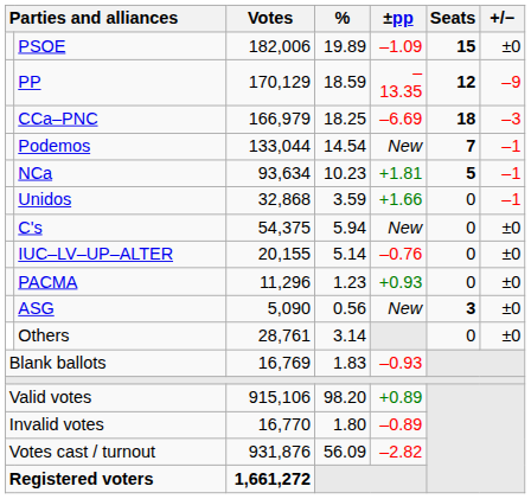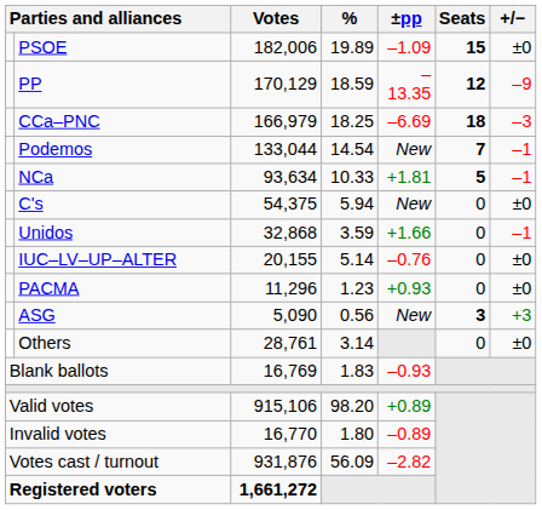 <table class="wikitable" style="text-align:right;">
 <tr>
 <th style="text-align:left;" colspan="2" width="200">Parties and alliances</th>
 <th width="75">Votes</th>
 <th width="45">%</th>
 <th width="45">±<a href='#'>pp</a></th>
 <th width="35">Seats</th>
 <th width="35">+/−</th>
 </tr>
 <tr>
 <td width="1" style="color:inherit;background:"></td>
 <td align="left"><a href='#'>PSOE</a></td>
 <td>182,006</td>
 <td>19.89</td>
 <td style="color:red;">–1.09</td>
 <td><strong>15</strong></td>
 <td>±0</td>
 </tr>
 <tr>
 <td style="color:inherit;background:"></td>
 <td align="left"><a href='#'>PP</a></td>
 <td>170,129</td>
 <td>18.59</td>
 <td style="color:red;">–13.35</td>
 <td><strong>12</strong></td>
 <td style="color:red;">–9</td>
 </tr>
 <tr>
 <td style="color:inherit;background:"></td>
 <td align="left"><a href='#'>CCa–PNC</a></td>
 <td>166,979</td>
 <td>18.25</td>
 <td style="color:red;">–6.69</td>
 <td><strong>18</strong></td>
 <td style="color:red;">–3</td>
 </tr>
 <tr>
 <td style="color:inherit;background:"></td>
 <td align="left"><a href='#'>Podemos</a></td>
 <td>133,044</td>
 <td>14.54</td>
 <td><em>New</em></td>
 <td><strong>7</strong></td>
 <td style="color:red;">–1</td>
 </tr>
 <tr>
 <td style="color:inherit;background:"></td>
 <td align="left"><a href='#'>NCa</a></td>
 <td>93,634</td>
-<td>10.23</td>
+<td>10.33</td>
 <td style="color:green;">+1.81</td>
 <td><strong>5</strong></td>
-<td style="color:red;">–1</td>
-</tr>
-<tr>
-<td style="color:inherit;background:"></td>
-<td align="left"><a href='#'>Unidos</a></td>
-<td>32,868</td>
-<td>3.59</td>
-<td style="color:green;">+1.66</td>
-<td>0</td>
 <td style="color:red;">–1</td>
 </tr>
 <tr>
 <td style="color:inherit;background:"></td>
 <td align="left"><a href='#'>C's</a></td>
 <td>54,375</td>
 <td>5.94</td>
 <td><em>New</em></td>
 <td>0</td>
 <td>±0</td>
+</tr>
+<tr>
+<td style="color:inherit;background:"></td>
+<td align="left"><a href='#'>Unidos</a></td>
+<td>32,868</td>
+<td>3.59</td>
+<td style="color:green;">+1.66</td>
+<td>0</td>
+<td style="color:red;">–1</td>
 </tr>
 <tr>
 <td style="color:inherit;background:"></td>
 <td align="left"><a href='#'>IUC–LV–UP–ALTER</a></td>
 <td>20,155</td>
 <td>5.14</td>
 <td style="color:red;">–0.76</td>
 <td>0</td>
 <td>±0</td>
 </tr>
 <tr>
 <td style="color:inherit;background:"></td>
 <td align="left"><a href='#'>PACMA</a></td>
 <td>11,296</td>
 <td>1.23</td>
 <td style="color:green;">+0.93</td>
 <td>0</td>
 <td>±0</td>
 </tr>
 <tr>
 <td style="color:inherit;background:"></td>
 <td align="left"><a href='#'>ASG</a></td>
 <td>5,090</td>
 <td>0.56</td>
 <td><em>New</em></td>
 <td><strong>3</strong></td>
-<td>±0</td>
+<td style="color:green;">+3</td>
 </tr>
 <tr>
 <td bgcolor="white"></td>
 <td align="left">Others</td>
 <td>28,761</td>
 <td>3.14</td>
 <td bgcolor="#E9E9E9"></td>
 <td>0</td>
 <td>±0</td>
 </tr>
 <tr>
 <td align="left" colspan="2">Blank ballots</td>
 <td>16,769</td>
 <td>1.83</td>
 <td style="color:red;">–0.93</td>
 <td bgcolor="#E9E9E9" colspan="2"></td>
 </tr>
 <tr>
 <td colspan="7" bgcolor="#E9E9E9"></td>
 </tr>
 <tr>
 <td align="left" colspan="2">Valid votes</td>
 <td>915,106</td>
 <td>98.20</td>
 <td style="color:green;">+0.89</td>
 <td bgcolor="#E9E9E9" colspan="2" rowspan="4"></td>
 </tr>
 <tr>
 <td align="left" colspan="2">Invalid votes</td>
 <td>16,770</td>
 <td>1.80</td>
 <td style="color:red;">–0.89</td>
 </tr>
 <tr>
 <td align="left" colspan="2">Votes cast / turnout</td>
 <td>931,876</td>
 <td>56.09</td>
 <td style="color:red;">–2.82</td>
 </tr>
 <tr style="font-weight:bold;">
 <td align="left" colspan="2">Registered voters</td>
 <td>1,661,272</td>
 <td bgcolor="#E9E9E9" colspan="2"></td>
 </tr>
 </table>
